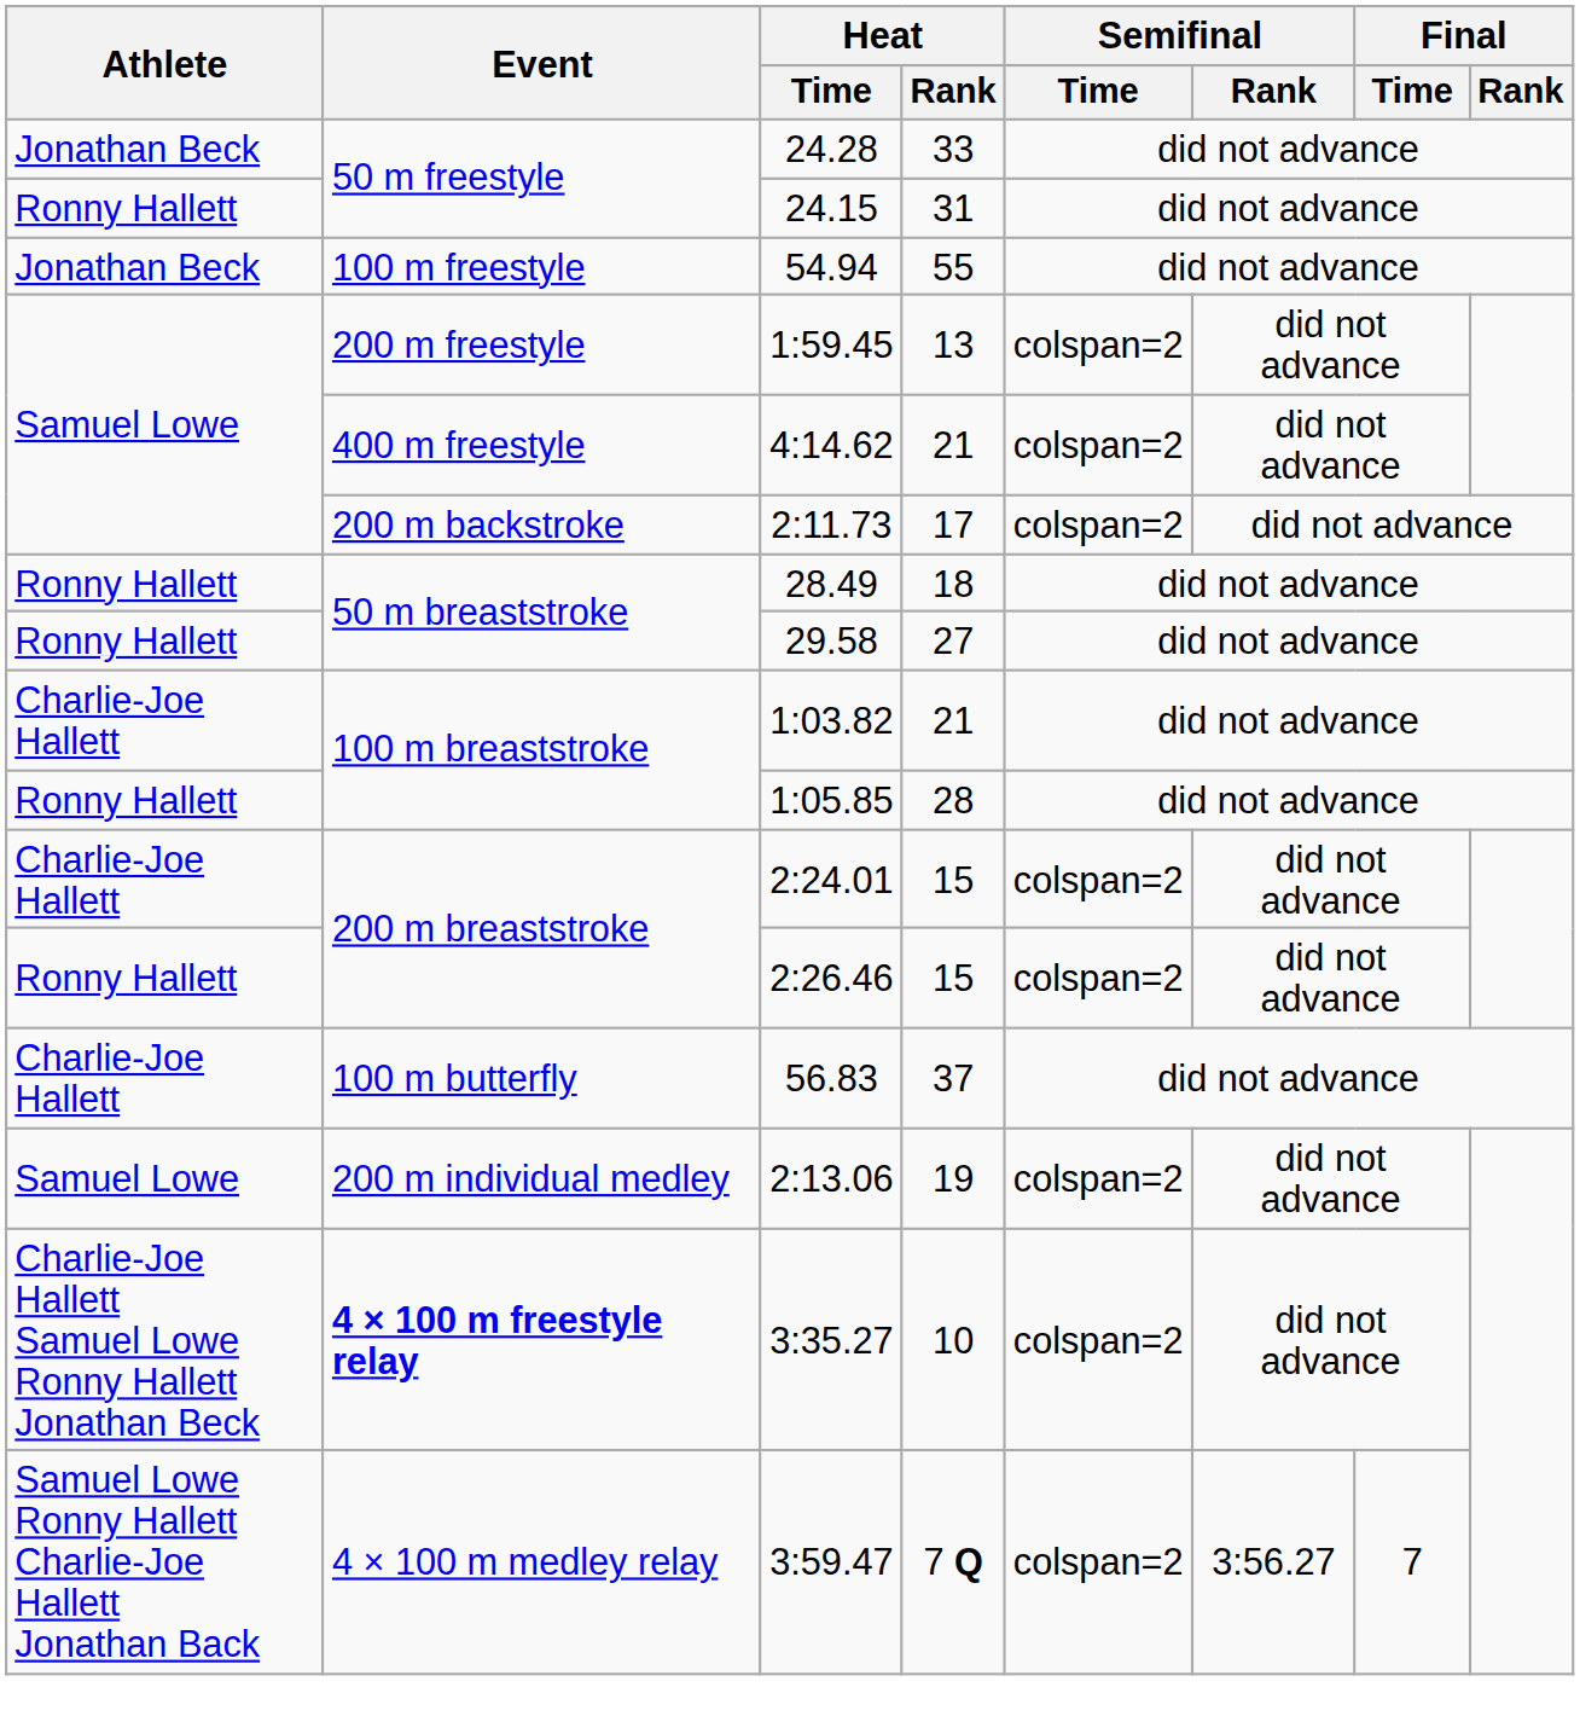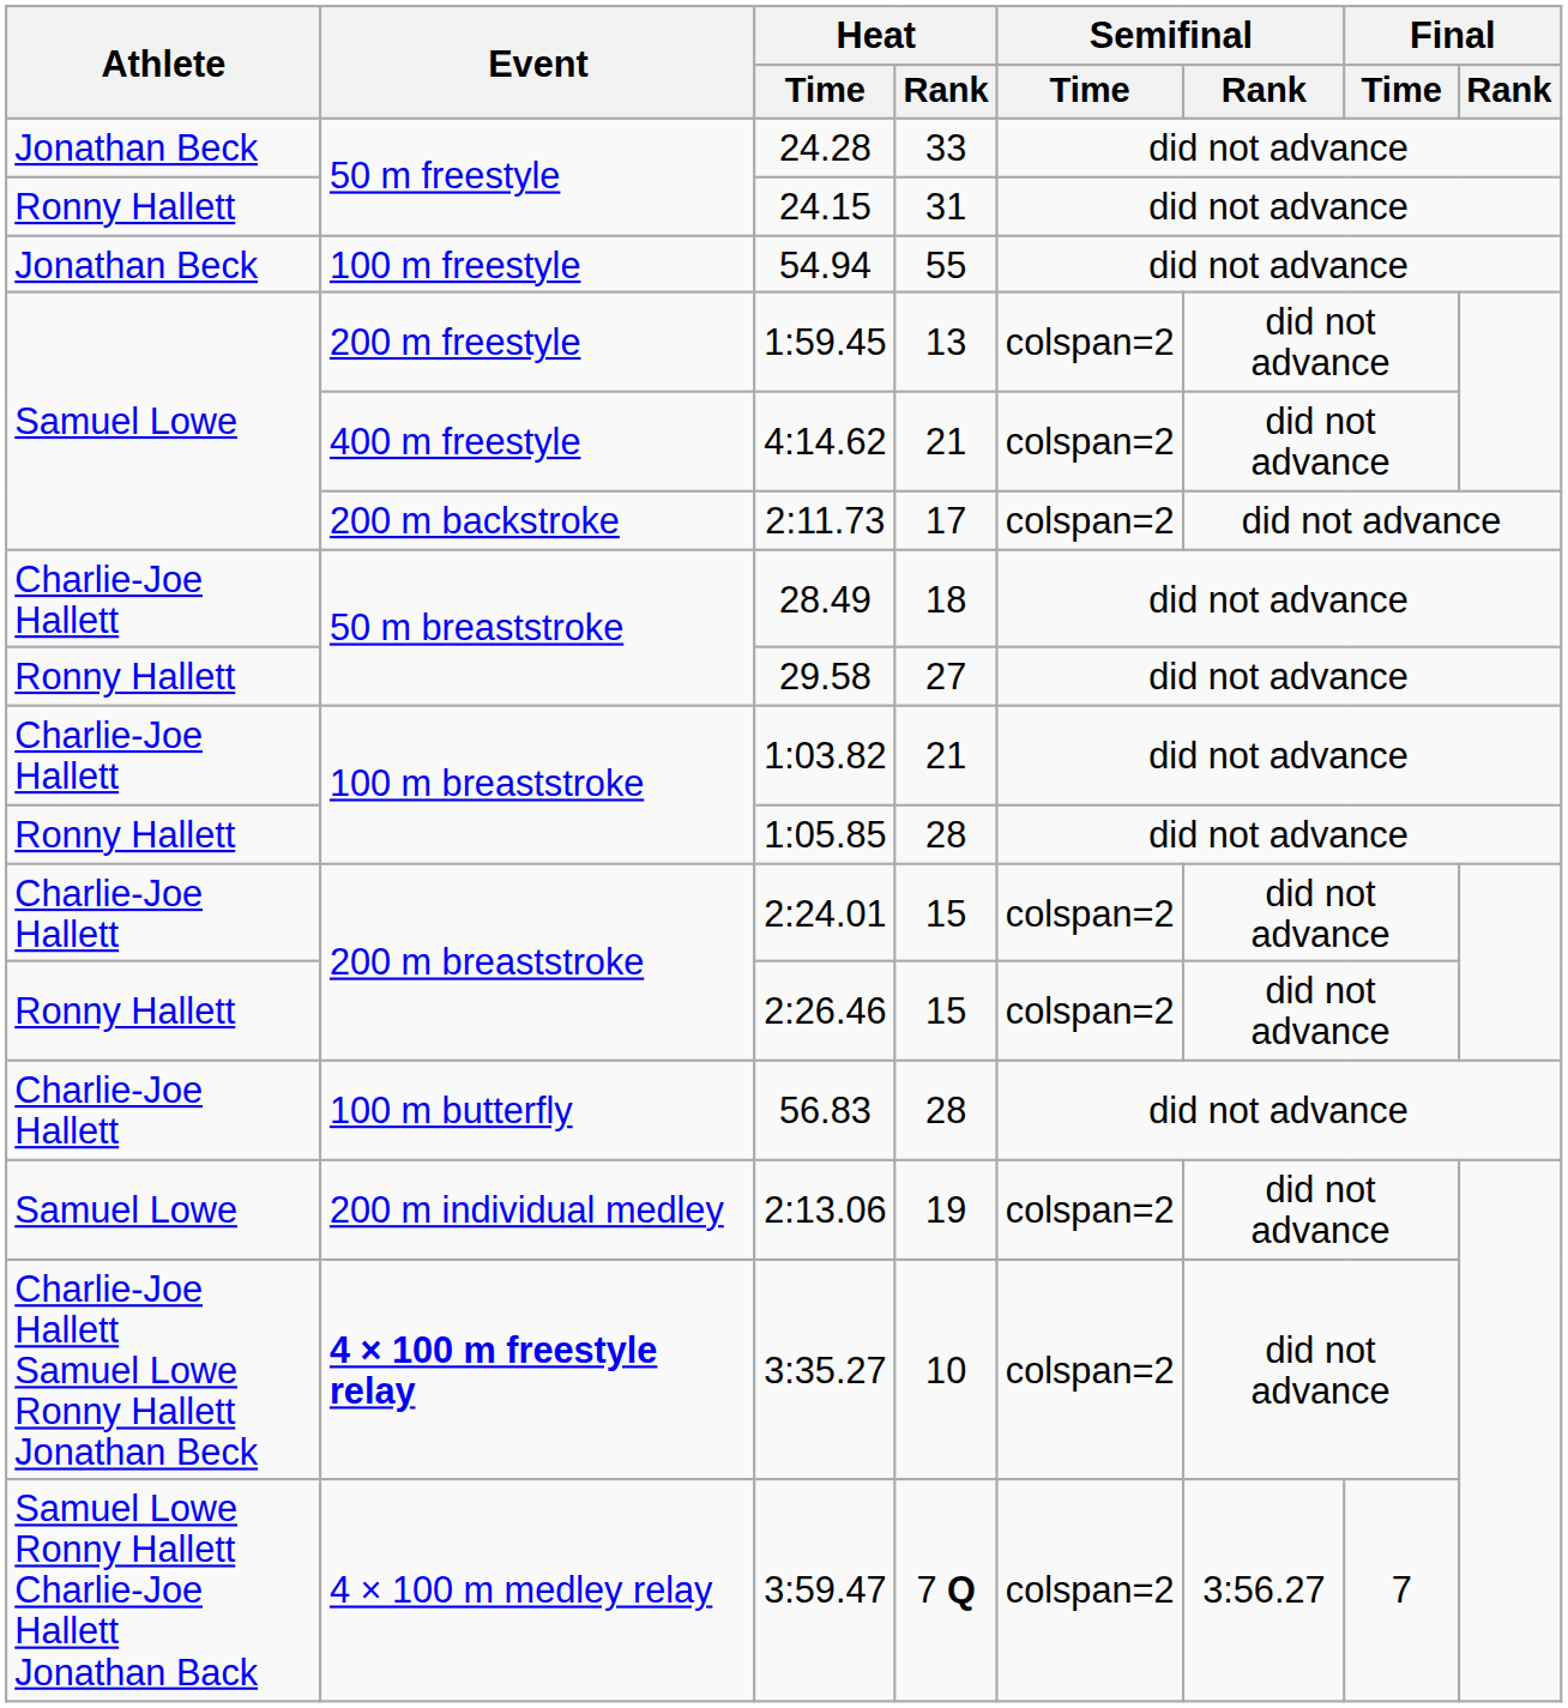 <table class=wikitable style=font-size:90%>
 <tr>
 <th rowspan=2>Athlete</th>
 <th rowspan=2>Event</th>
 <th colspan=2>Heat</th>
 <th colspan=2>Semifinal</th>
 <th colspan=2>Final</th>
 </tr>
 <tr style=font-size:95%>
 <th>Time</th>
 <th>Rank</th>
 <th>Time</th>
 <th>Rank</th>
 <th>Time</th>
 <th>Rank</th>
 </tr>
 <tr align=center>
 <td align=left><a href='#'>Jonathan Beck</a></td>
 <td align=left rowspan="2"><a href='#'>50 m freestyle</a></td>
 <td>24.28</td>
 <td>33</td>
 <td colspan=4>did not advance</td>
 </tr>
 <tr align=center>
 <td align=left><a href='#'>Ronny Hallett</a></td>
 <td>24.15</td>
 <td>31</td>
 <td colspan=4>did not advance</td>
 </tr>
 <tr align=center>
 <td align=left><a href='#'>Jonathan Beck</a></td>
 <td align=left rowspan="1"><a href='#'>100 m freestyle</a></td>
 <td>54.94</td>
 <td>55</td>
 <td colspan=4>did not advance</td>
 </tr>
 <tr align=center>
 <td align=left rowspan=3><a href='#'>Samuel Lowe</a></td>
 <td align=left rowspan="1"><a href='#'>200 m freestyle</a></td>
 <td>1:59.45</td>
 <td>13</td>
 <td>colspan=2 </td>
 <td colspan=2>did not advance</td>
 </tr>
 <tr align=center>
 <td align=left rowspan="1"><a href='#'>400 m freestyle</a></td>
 <td>4:14.62</td>
 <td>21</td>
 <td>colspan=2 </td>
 <td colspan=2>did not advance</td>
 </tr>
 <tr align=center>
 <td align=left rowspan="1"><a href='#'>200 m backstroke</a></td>
 <td>2:11.73</td>
 <td>17</td>
 <td>colspan=2 </td>
 <td colspan=4>did not advance</td>
 </tr>
 <tr align=center>
-<td align=left><a href='#'>Ronny Hallett</a></td>
+<td align=left><a href='#'>Charlie-Joe Hallett</a></td>
 <td align=left rowspan=2><a href='#'>50 m breaststroke</a></td>
 <td>28.49</td>
 <td>18</td>
 <td colspan=4>did not advance</td>
 </tr>
 <tr align=center>
 <td align=left><a href='#'>Ronny Hallett</a></td>
 <td>29.58</td>
 <td>27</td>
 <td colspan=4>did not advance</td>
 </tr>
 <tr align=center>
 <td align=left><a href='#'>Charlie-Joe Hallett</a></td>
 <td align=left rowspan="2"><a href='#'>100 m breaststroke</a></td>
 <td>1:03.82</td>
 <td>21</td>
 <td colspan=4>did not advance</td>
 </tr>
 <tr align=center>
 <td align=left><a href='#'>Ronny Hallett</a></td>
 <td>1:05.85</td>
 <td>28</td>
 <td colspan=4>did not advance</td>
 </tr>
 <tr align=center>
 <td align=left><a href='#'>Charlie-Joe Hallett</a></td>
 <td align=left rowspan="2"><a href='#'>200 m breaststroke</a></td>
 <td>2:24.01</td>
 <td>15</td>
 <td>colspan=2 </td>
 <td colspan=2>did not advance</td>
 </tr>
 <tr align=center>
 <td align=left><a href='#'>Ronny Hallett</a></td>
 <td>2:26.46</td>
 <td>15</td>
 <td>colspan=2 </td>
 <td colspan=2>did not advance</td>
 </tr>
 <tr align=center>
 <td align=left><a href='#'>Charlie-Joe Hallett</a></td>
 <td align=left rowspan="1"><a href='#'>100 m butterfly</a></td>
 <td>56.83</td>
-<td>37</td>
+<td>28</td>
 <td colspan=4>did not advance</td>
 </tr>
 <tr align=center>
 <td align=left><a href='#'>Samuel Lowe</a></td>
 <td align=left rowspan="1"><a href='#'>200 m individual medley</a></td>
 <td>2:13.06</td>
 <td>19</td>
 <td>colspan=2 </td>
 <td colspan=2>did not advance</td>
 </tr>
 <tr align=center>
 <td align=left><a href='#'>Charlie-Joe Hallett</a><br><a href='#'>Samuel Lowe</a><br><a href='#'>Ronny Hallett</a><br><a href='#'>Jonathan Beck</a></td>
 <td align=left><strong><a href='#'>4 × 100 m freestyle relay</a></strong></td>
 <td>3:35.27</td>
 <td>10</td>
 <td>colspan=2 </td>
 <td colspan=2>did not advance</td>
 </tr>
 <tr align=center>
 <td align=left><a href='#'>Samuel Lowe</a><br><a href='#'>Ronny Hallett</a><br><a href='#'>Charlie-Joe Hallett</a><br><a href='#'>Jonathan Back</a></td>
 <td align=left><a href='#'>4 × 100 m medley relay</a></td>
 <td>3:59.47</td>
 <td>7 <strong>Q</strong></td>
 <td>colspan=2 </td>
 <td>3:56.27</td>
 <td>7</td>
 </tr>
 </table>
